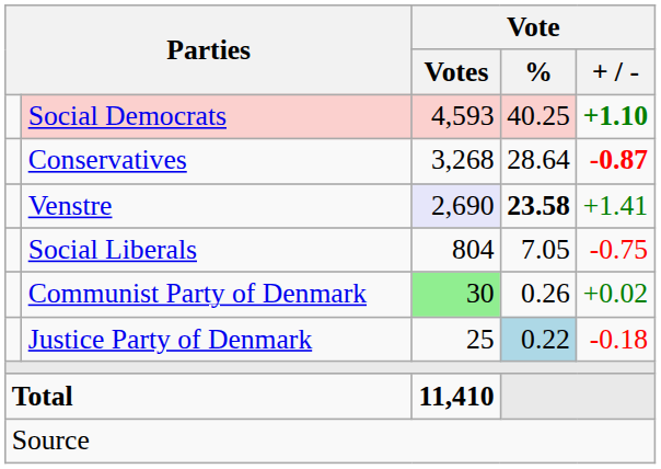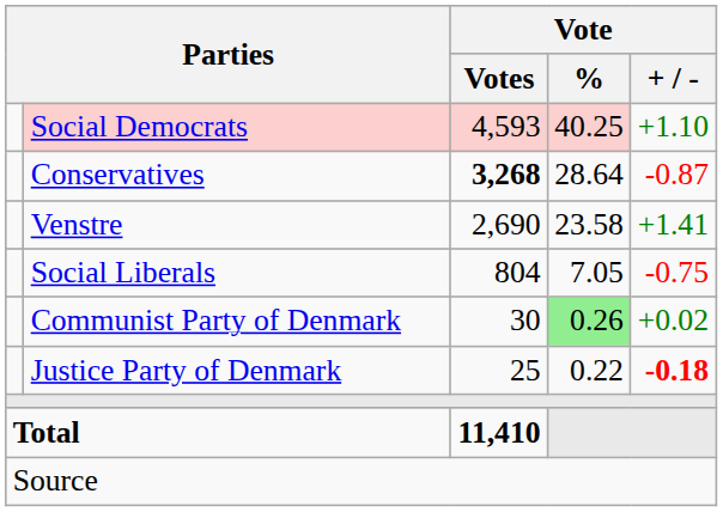 <table class="wikitable" style="text-align:right;">
 <tr>
 <th style="text-align:centre;" rowspan="2" colspan="2" width="225">Parties</th>
 <th colspan="3">Vote</th>
 </tr>
 <tr>
 <th width="15">Votes</th>
 <th width="15">%</th>
 <th width="15">+ / -</th>
 </tr>
 <tr>
 <td width="2" style="color:inherit;background:"></td>
 <td bgcolor=#fbd0ce  align="left"><a href='#'>Social Democrats</a></td>
 <td bgcolor=#fbd0ce>4,593</td>
 <td bgcolor=#fbd0ce>40.25</td>
-<td style=color:green;><strong>+1.10</strong></td>
+<td style=color:green;>+1.10</td>
 </tr>
 <tr>
 <td width="2" style="color:inherit;background:"></td>
 <td align="left"><a href='#'>Conservatives</a></td>
-<td>3,268</td>
+<td><strong>3,268</strong></td>
 <td>28.64</td>
-<td style=color:red;><strong>-0.87</strong></td>
+<td style=color:red;>-0.87</td>
 </tr>
 <tr>
 <td width="2" style="color:inherit;background:"></td>
 <td align="left"><a href='#'>Venstre</a></td>
-<td style="background: lavender;">2,690</td>
-<td><strong>23.58</strong></td>
+<td>2,690</td>
+<td>23.58</td>
 <td style=color:green;>+1.41</td>
 </tr>
 <tr>
 <td width="2" style="color:inherit;background:"></td>
 <td align="left"><a href='#'>Social Liberals</a></td>
 <td>804</td>
 <td>7.05</td>
 <td style=color:red;>-0.75</td>
 </tr>
 <tr>
 <td width="2" style="color:inherit;background:"></td>
 <td align="left"><a href='#'>Communist Party of Denmark</a></td>
-<td style="background: lightgreen;">30</td>
-<td>0.26</td>
+<td>30</td>
+<td style="background: lightgreen;">0.26</td>
 <td style=color:green;>+0.02</td>
 </tr>
 <tr>
 <td width="2" style="color:inherit;background:"></td>
 <td align="left"><a href='#'>Justice Party of Denmark</a></td>
 <td>25</td>
-<td style="background: lightblue;">0.22</td>
-<td style=color:red;>-0.18</td>
+<td>0.22</td>
+<td style=color:red;><strong>-0.18</strong></td>
 </tr>
 <tr>
 <td colspan="7" bgcolor="#E9E9E9"></td>
 </tr>
 <tr>
 <td align="left" colspan="2"><strong>Total</strong></td>
 <td><strong>11,410</strong></td>
 <td bgcolor="#E9E9E9" colspan="2"></td>
 </tr>
 <tr>
 <td align="left" colspan="6">Source</td>
 </tr>
 </table>
